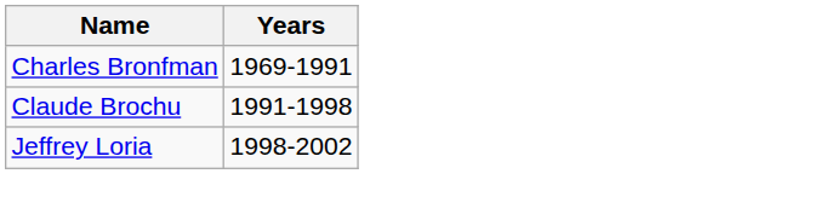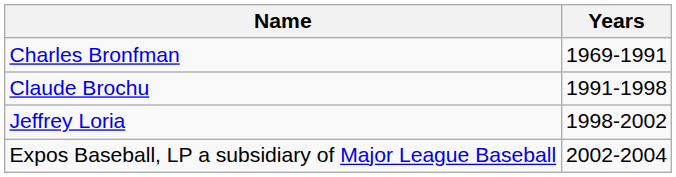 <table class="wikitable">
 <tr>
 <th>Name</th>
 <th>Years</th>
 </tr>
 <tr>
 <td><a href='#'>Charles Bronfman</a></td>
 <td>1969-1991</td>
 </tr>
 <tr>
 <td><a href='#'>Claude Brochu</a></td>
 <td>1991-1998</td>
 </tr>
 <tr>
 <td><a href='#'>Jeffrey Loria</a></td>
 <td>1998-2002</td>
 </tr>
+<tr>
+<td>Expos Baseball, LP a subsidiary of <a href='#'>Major League Baseball</a></td>
+<td>2002-2004</td>
+</tr>
 </table>
